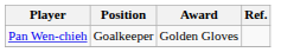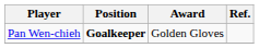 <table class="wikitable">
 <tr>
 <th>Player</th>
 <th>Position</th>
 <th>Award</th>
 <th>Ref.</th>
 </tr>
 <tr>
 <td> <a href='#'>Pan Wen-chieh</a></td>
-<td align="center">Goalkeeper</td>
+<td align="center"><strong>Goalkeeper</strong></td>
 <td align="center">Golden Gloves</td>
 <td align="center"></td>
 </tr>
 <tr>
 </tr>
 </table>
